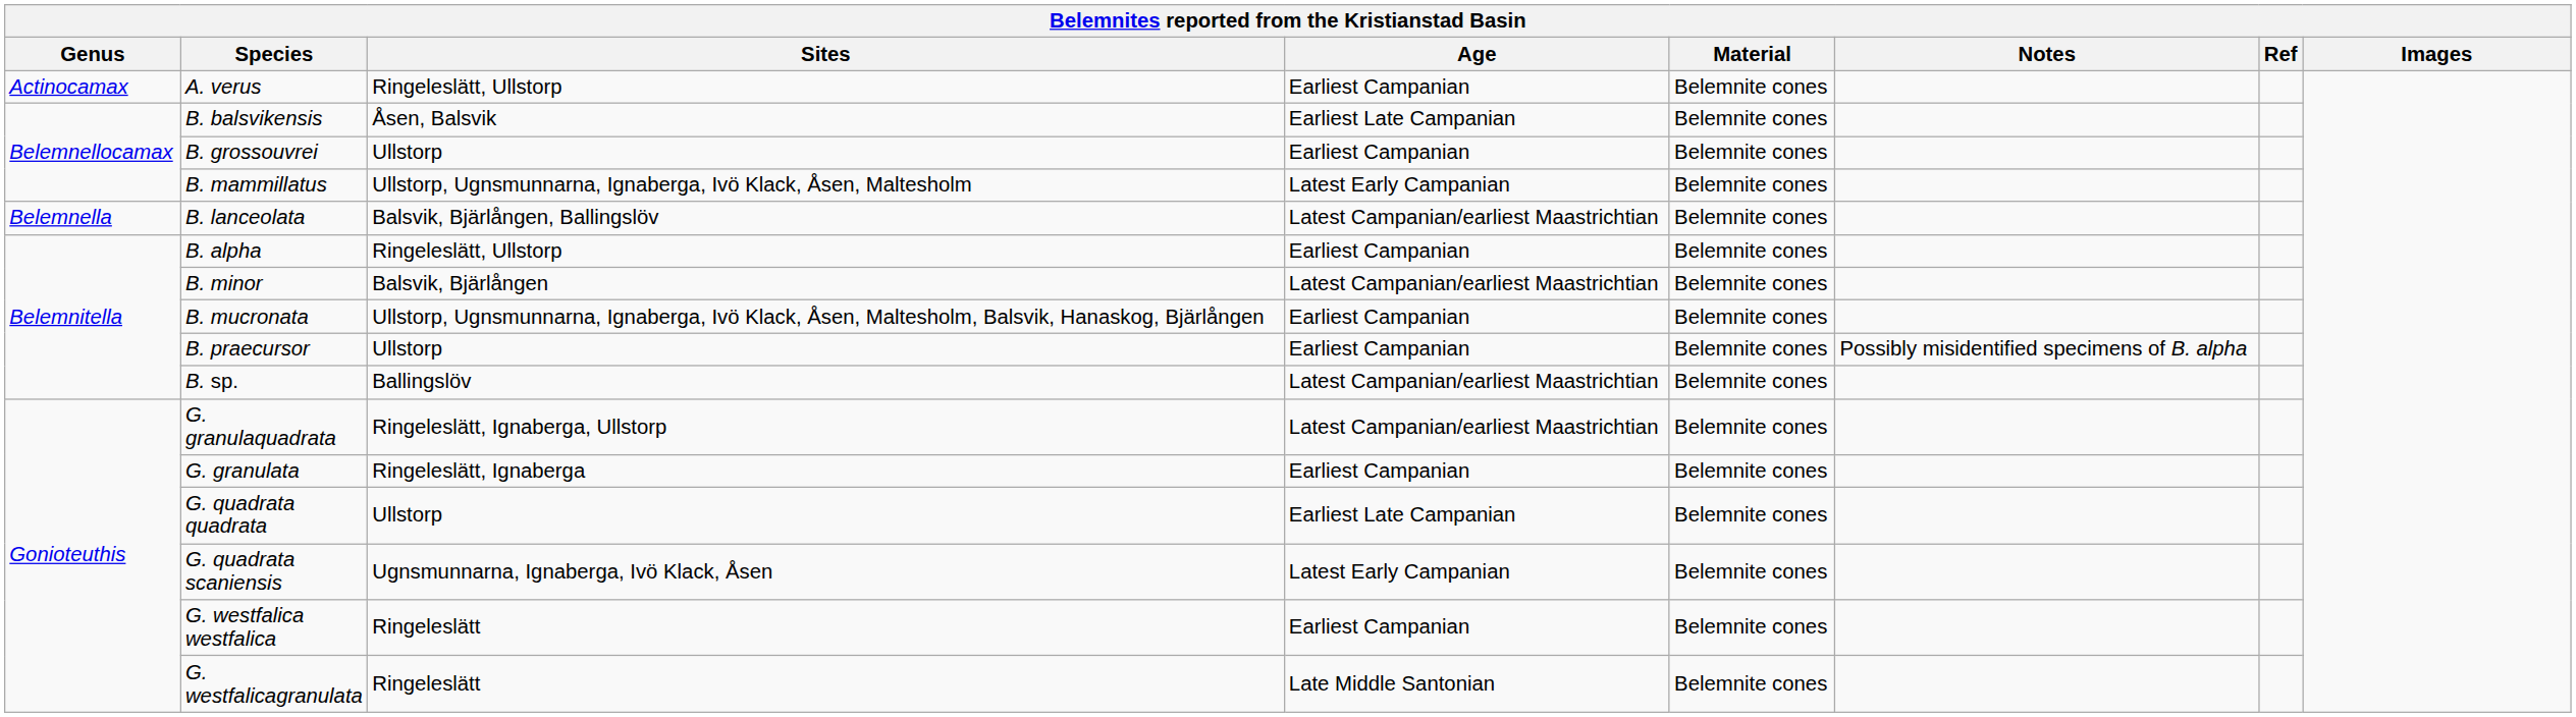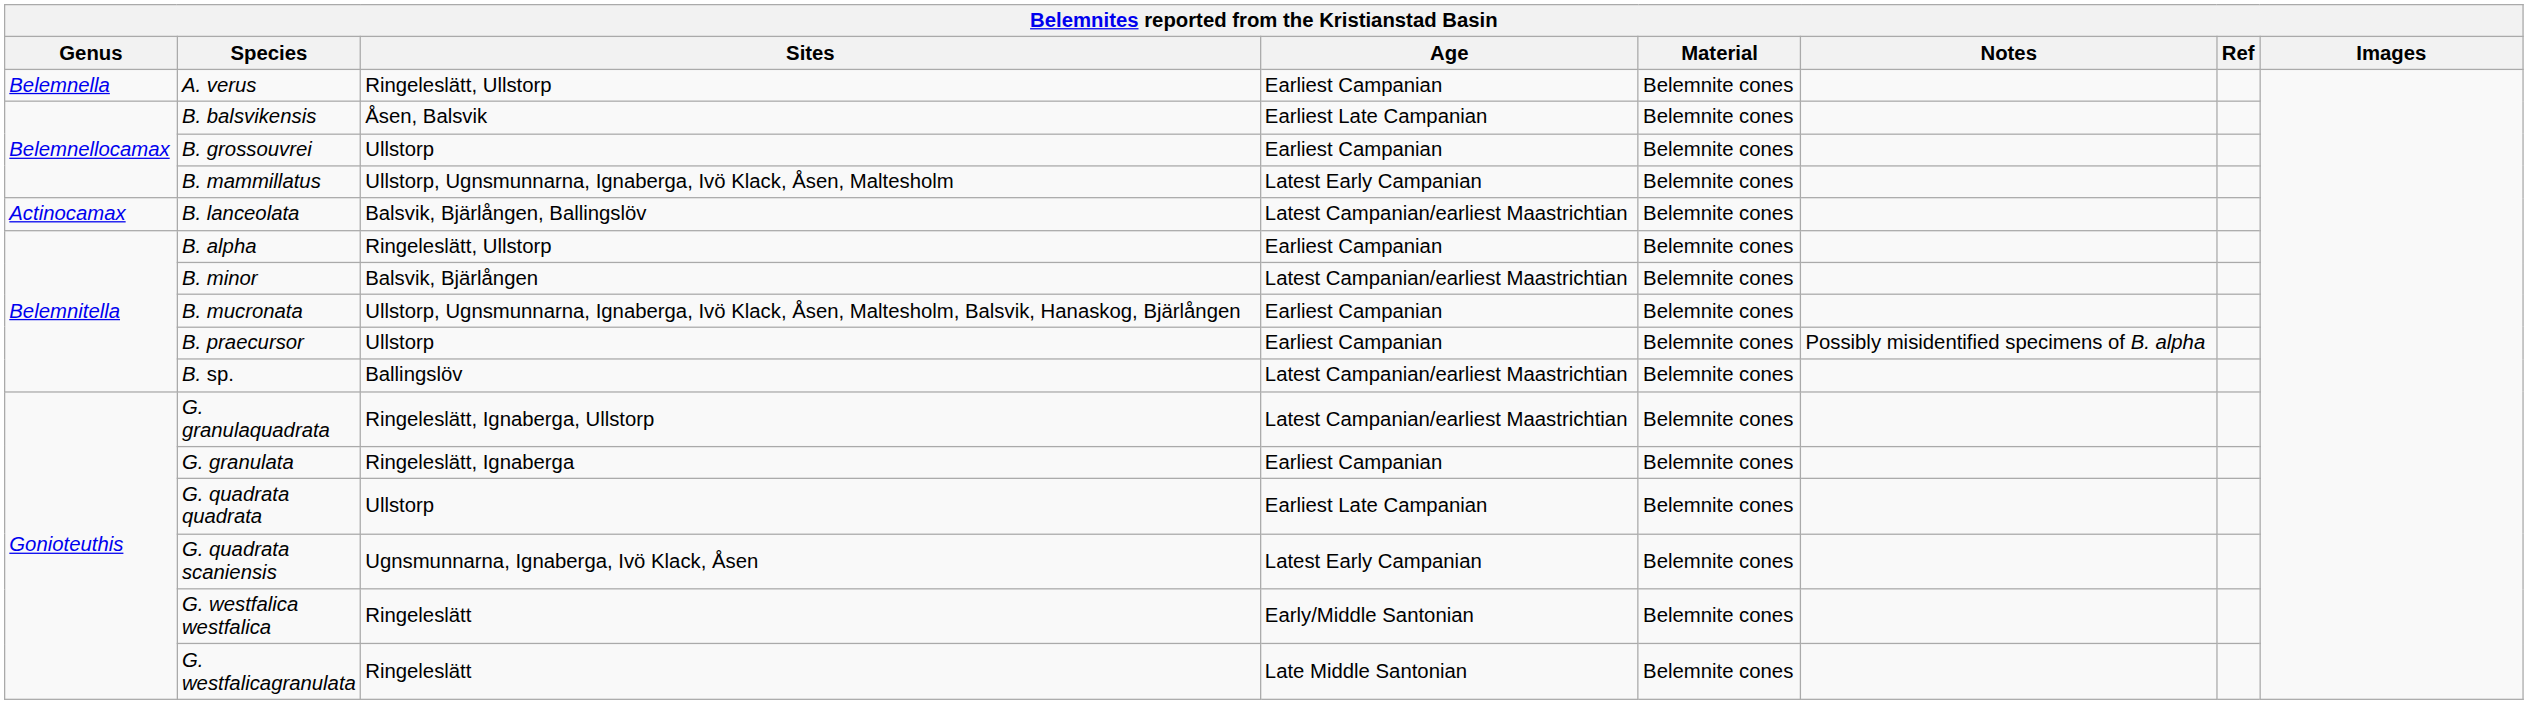 <table class="wikitable sortable mw-collapsible" style="width:100%">
 <tr>
 <th colspan="8" style="text-align:center;"><strong><a href='#'>Belemnites</a> reported from the Kristianstad Basin</strong></th>
 </tr>
 <tr>
 <th>Genus</th>
 <th width="100px">Species</th>
 <th>Sites</th>
 <th>Age</th>
 <th>Material</th>
 <th>Notes</th>
 <th>Ref</th>
 <th width="200px">Images</th>
 </tr>
 <tr>
-<td><em><a href='#'>Actinocamax</a></em></td>
+<td><em><a href='#'>Belemnella</a></em></td>
 <td><em>A. verus</em></td>
 <td>Ringeleslätt, Ullstorp</td>
 <td>Earliest Campanian</td>
 <td>Belemnite cones</td>
 <td></td>
 <td></td>
 <td rowspan="16"><br>  </td>
 </tr>
 <tr>
 <td rowspan="3"><em><a href='#'>Belemnellocamax</a></em></td>
 <td><em>B. balsvikensis</em></td>
 <td>Åsen, Balsvik</td>
 <td>Earliest Late Campanian</td>
 <td>Belemnite cones</td>
 <td></td>
 <td></td>
 </tr>
 <tr>
 <td><em>B. grossouvrei</em></td>
 <td>Ullstorp</td>
 <td>Earliest Campanian</td>
 <td>Belemnite cones</td>
 <td></td>
 <td></td>
 </tr>
 <tr>
 <td><em>B. mammillatus</em></td>
 <td>Ullstorp, Ugnsmunnarna, Ignaberga, Ivö Klack, Åsen, Maltesholm</td>
 <td>Latest Early Campanian</td>
 <td>Belemnite cones</td>
 <td></td>
 <td></td>
 </tr>
 <tr>
-<td><em><a href='#'>Belemnella</a></em></td>
+<td><em><a href='#'>Actinocamax</a></em></td>
 <td><em>B. lanceolata</em></td>
 <td>Balsvik, Bjärlången, Ballingslöv</td>
 <td>Latest Campanian/earliest Maastrichtian</td>
 <td>Belemnite cones</td>
 <td></td>
 <td></td>
 </tr>
 <tr>
 <td rowspan="5"><em><a href='#'>Belemnitella</a></em></td>
 <td><em>B. alpha</em></td>
 <td>Ringeleslätt, Ullstorp</td>
 <td>Earliest Campanian</td>
 <td>Belemnite cones</td>
 <td></td>
 <td></td>
 </tr>
 <tr>
 <td><em>B. minor</em></td>
 <td>Balsvik, Bjärlången</td>
 <td>Latest Campanian/earliest Maastrichtian</td>
 <td>Belemnite cones</td>
 <td></td>
 <td></td>
 </tr>
 <tr>
 <td><em>B. mucronata</em></td>
 <td>Ullstorp, Ugnsmunnarna, Ignaberga, Ivö Klack, Åsen, Maltesholm, Balsvik, Hanaskog, Bjärlången</td>
 <td>Earliest Campanian</td>
 <td>Belemnite cones</td>
 <td></td>
 <td></td>
 </tr>
 <tr>
 <td><em>B. praecursor</em></td>
 <td>Ullstorp</td>
 <td>Earliest Campanian</td>
 <td>Belemnite cones</td>
 <td>Possibly misidentified specimens of <em>B. alpha</em></td>
 <td></td>
 </tr>
 <tr>
 <td><em>B.</em> sp.</td>
 <td>Ballingslöv</td>
 <td>Latest Campanian/earliest Maastrichtian</td>
 <td>Belemnite cones</td>
 <td></td>
 <td></td>
 </tr>
 <tr>
 <td rowspan="6"><em><a href='#'>Gonioteuthis</a></em></td>
 <td><em>G. granulaquadrata</em></td>
 <td>Ringeleslätt, Ignaberga, Ullstorp</td>
 <td>Latest Campanian/earliest Maastrichtian</td>
 <td>Belemnite cones</td>
 <td></td>
 <td></td>
 </tr>
 <tr>
 <td><em>G. granulata</em></td>
 <td>Ringeleslätt, Ignaberga</td>
 <td>Earliest Campanian</td>
 <td>Belemnite cones</td>
 <td></td>
 <td></td>
 </tr>
 <tr>
 <td><em>G. quadrata quadrata</em></td>
 <td>Ullstorp</td>
 <td>Earliest Late Campanian</td>
 <td>Belemnite cones</td>
 <td></td>
 <td></td>
 </tr>
 <tr>
 <td><em>G. quadrata scaniensis</em></td>
 <td>Ugnsmunnarna, Ignaberga, Ivö Klack, Åsen</td>
 <td>Latest Early Campanian</td>
 <td>Belemnite cones</td>
 <td></td>
 <td></td>
 </tr>
 <tr>
 <td><em>G. westfalica westfalica</em></td>
 <td>Ringeleslätt</td>
-<td>Earliest Campanian</td>
+<td>Early/Middle Santonian</td>
 <td>Belemnite cones</td>
 <td></td>
 <td></td>
 </tr>
 <tr>
 <td><em>G. westfalicagranulata</em></td>
 <td>Ringeleslätt</td>
 <td>Late Middle Santonian</td>
 <td>Belemnite cones</td>
 <td></td>
 <td></td>
 </tr>
 </table>
